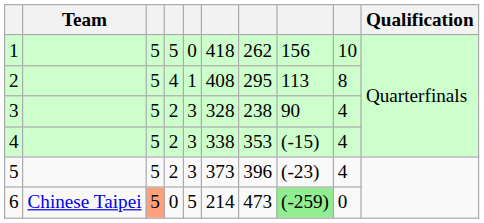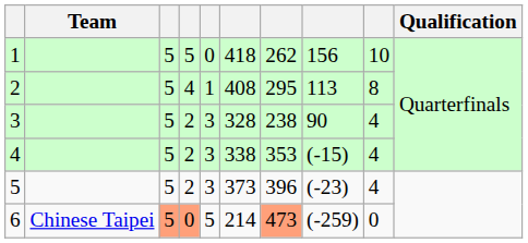 <table class="wikitable">
 <tr>
 <th></th>
 <th>Team</th>
 <th></th>
 <th></th>
 <th></th>
 <th></th>
 <th></th>
 <th></th>
 <th></th>
 <th>Qualification</th>
 </tr>
 <tr bgcolor=ccffcc>
 <td>1</td>
 <td></td>
 <td>5</td>
 <td>5</td>
 <td>0</td>
 <td>418</td>
 <td>262</td>
 <td>156</td>
 <td>10</td>
 <td rowspan=4>Quarterfinals</td>
 </tr>
 <tr bgcolor=ccffcc>
 <td>2</td>
 <td></td>
 <td>5</td>
 <td>4</td>
 <td>1</td>
 <td>408</td>
 <td>295</td>
 <td>113</td>
 <td>8</td>
 </tr>
 <tr bgcolor=ccffcc>
 <td>3</td>
 <td></td>
 <td>5</td>
 <td>2</td>
 <td>3</td>
 <td>328</td>
 <td>238</td>
 <td>90</td>
 <td>4</td>
 </tr>
 <tr bgcolor=ccffcc>
 <td>4</td>
 <td></td>
 <td>5</td>
 <td>2</td>
 <td>3</td>
 <td>338</td>
 <td>353</td>
 <td>(-15)</td>
 <td>4</td>
 </tr>
 <tr>
 <td>5</td>
 <td></td>
 <td>5</td>
 <td>2</td>
 <td>3</td>
 <td>373</td>
 <td>396</td>
 <td>(-23)</td>
 <td>4</td>
 <td rowspan=2></td>
 </tr>
 <tr>
 <td>6</td>
 <td> <a href='#'>Chinese Taipei</a></td>
 <td style="background: lightsalmon;">5</td>
-<td>0</td>
+<td style="background: lightsalmon;">0</td>
 <td>5</td>
 <td>214</td>
-<td>473</td>
-<td style="background: lightgreen;">(-259)</td>
+<td style="background: lightsalmon;">473</td>
+<td>(-259)</td>
 <td>0</td>
 </tr>
 </table>
